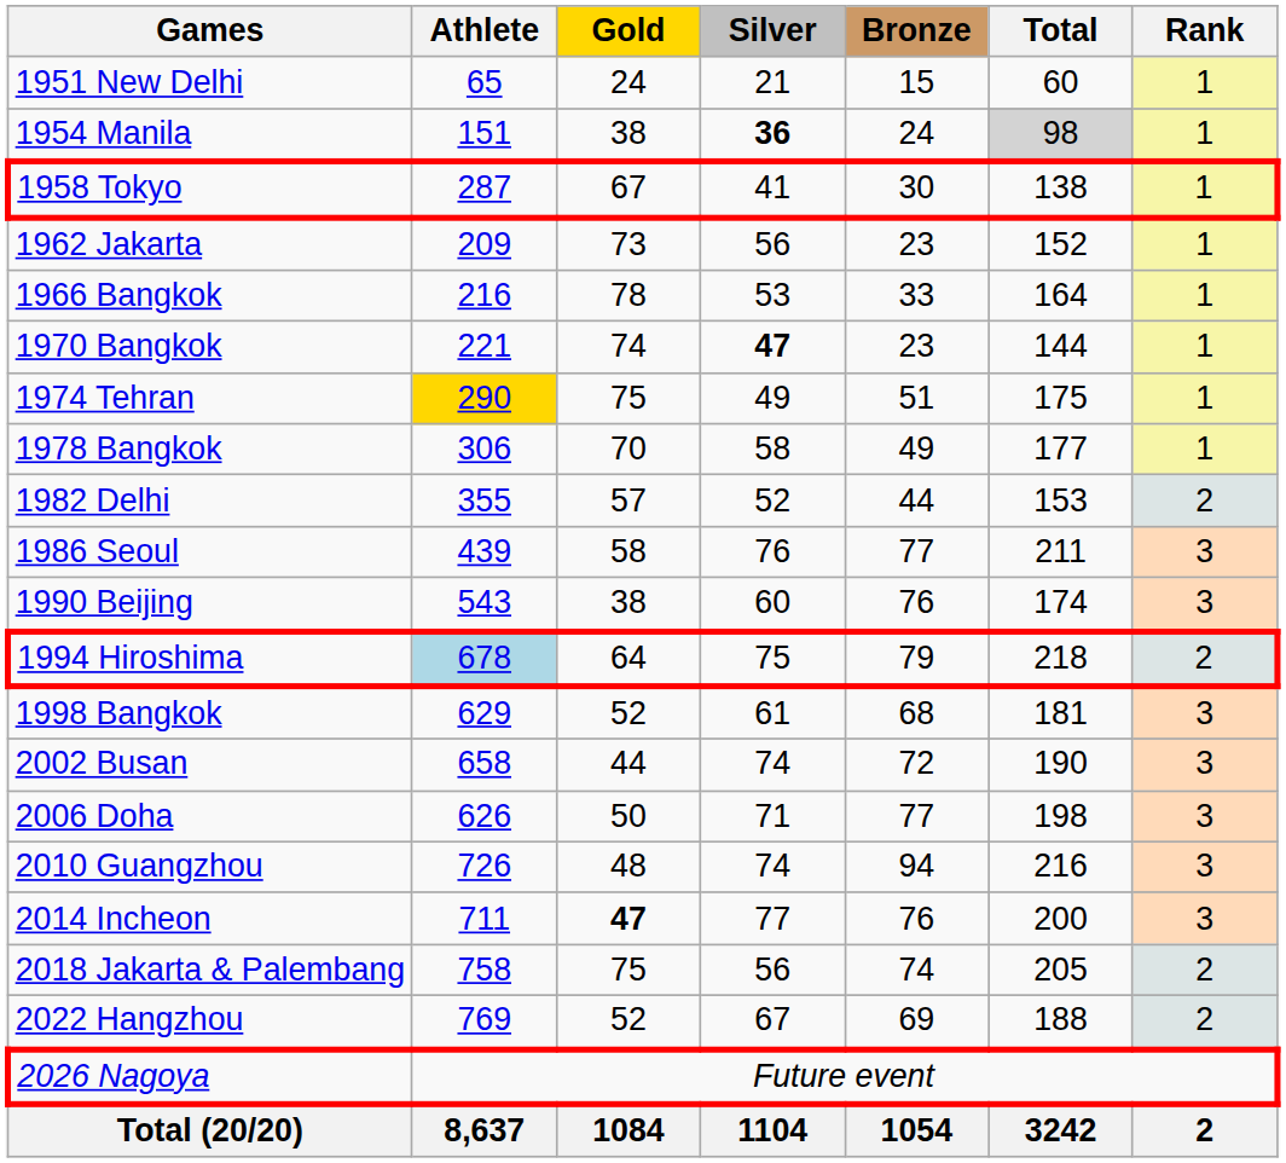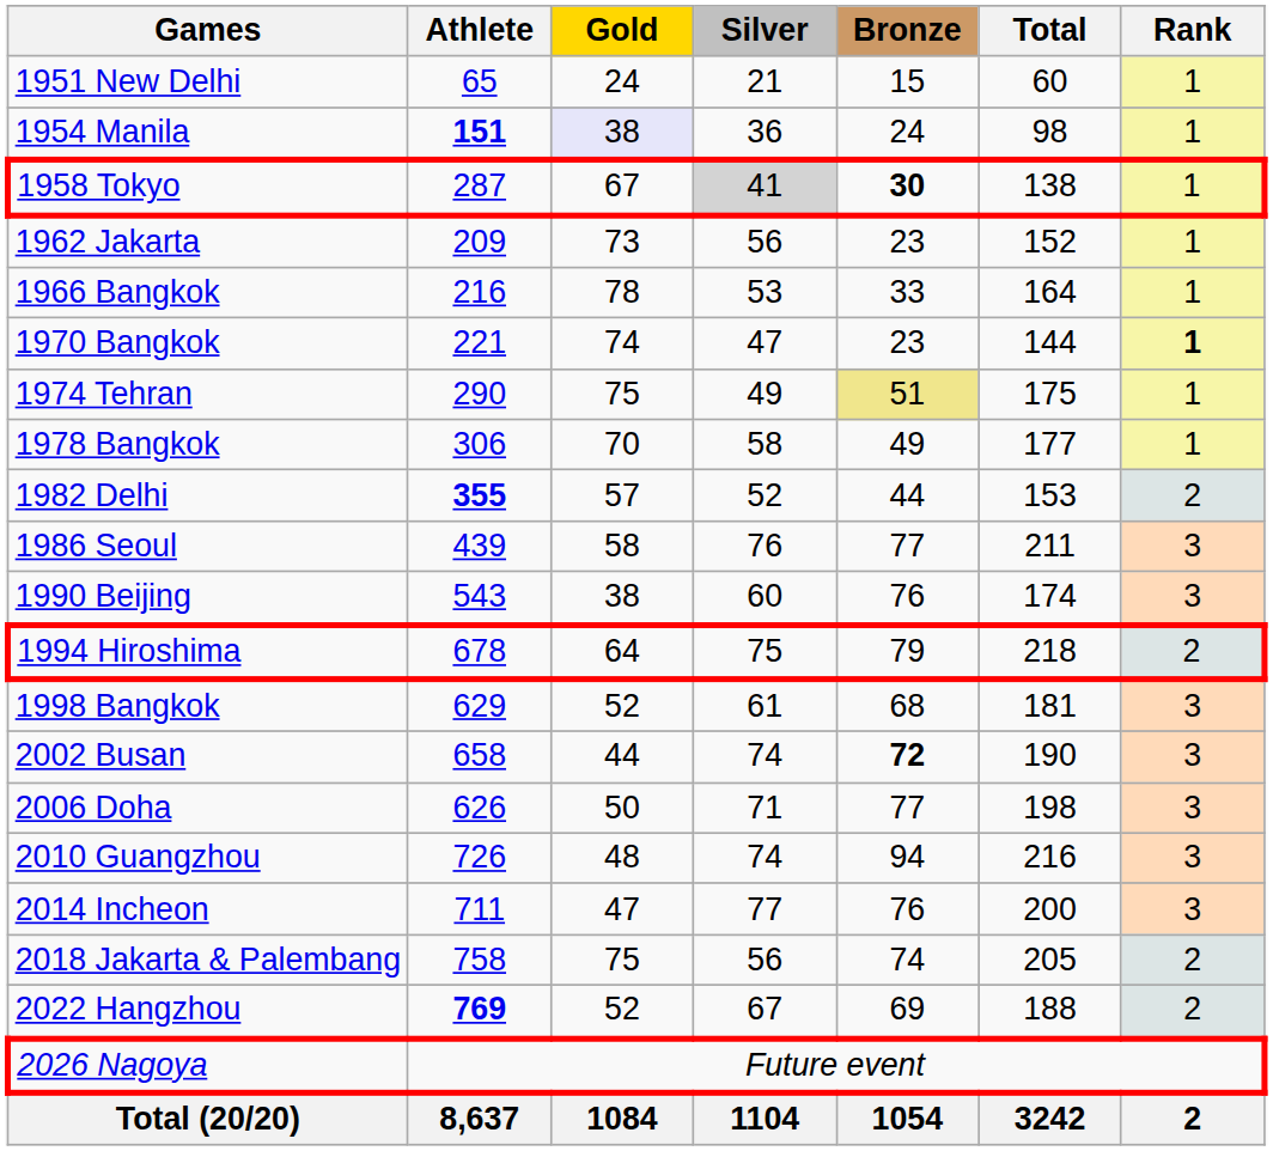 <table class="wikitable sortable" style="margin-top:0em; text-align:center; font-size:100%;">
 <tr>
 <th>Games</th>
 <th style="width:4em;">Athlete</th>
 <th style="background:gold; width:4em;"><strong>Gold</strong></th>
 <th style="background:silver; width:4em;"><strong>Silver</strong></th>
 <th style="background:#cc9966; width:4em;"><strong>Bronze</strong></th>
 <th style="width:4em;">Total</th>
 <th style="width:4em;">Rank</th>
 </tr>
 <tr>
 <td style="text-align:left"> <a href='#'>1951 New Delhi</a></td>
 <td><a href='#'>65</a></td>
 <td>24</td>
 <td>21</td>
 <td>15</td>
 <td>60</td>
 <td bgcolor=f7f6a8>1</td>
 </tr>
 <tr>
 <td style="text-align:left"> <a href='#'>1954 Manila</a></td>
-<td><a href='#'>151</a></td>
-<td>38</td>
-<td><strong>36</strong></td>
+<td><strong><a href='#'>151</a></strong></td>
+<td style="background: lavender;">38</td>
+<td>36</td>
 <td>24</td>
-<td style="background: lightgrey;">98</td>
+<td>98</td>
 <td bgcolor=f7f6a8>1</td>
 </tr>
 <tr style="border: 3px solid red">
 <td style="text-align:left"> <a href='#'>1958 Tokyo</a></td>
 <td><a href='#'>287</a></td>
 <td>67</td>
-<td>41</td>
-<td>30</td>
+<td style="background: lightgrey;">41</td>
+<td><strong>30</strong></td>
 <td>138</td>
 <td bgcolor=f7f6a8>1</td>
 </tr>
 <tr>
 <td style="text-align:left"> <a href='#'>1962 Jakarta</a></td>
 <td><a href='#'>209</a></td>
 <td>73</td>
 <td>56</td>
 <td>23</td>
 <td>152</td>
 <td bgcolor=f7f6a8>1</td>
 </tr>
 <tr>
 <td style="text-align:left"> <a href='#'>1966 Bangkok</a></td>
 <td><a href='#'>216</a></td>
 <td>78</td>
 <td>53</td>
 <td>33</td>
 <td>164</td>
 <td bgcolor=f7f6a8>1</td>
 </tr>
 <tr>
 <td style="text-align:left"> <a href='#'>1970 Bangkok</a></td>
 <td><a href='#'>221</a></td>
 <td>74</td>
-<td><strong>47</strong></td>
+<td>47</td>
 <td>23</td>
 <td>144</td>
-<td bgcolor=f7f6a8>1</td>
+<td bgcolor=f7f6a8><strong>1</strong></td>
 </tr>
 <tr>
 <td style="text-align:left"> <a href='#'>1974 Tehran</a></td>
-<td style="background: gold;"><a href='#'>290</a></td>
+<td><a href='#'>290</a></td>
 <td>75</td>
 <td>49</td>
-<td>51</td>
+<td style="background: khaki;">51</td>
 <td>175</td>
 <td bgcolor=f7f6a8>1</td>
 </tr>
 <tr>
 <td style="text-align:left"> <a href='#'>1978 Bangkok</a></td>
 <td><a href='#'>306</a></td>
 <td>70</td>
 <td>58</td>
 <td>49</td>
 <td>177</td>
 <td bgcolor=f7f6a8>1</td>
 </tr>
 <tr>
 <td style="text-align:left"> <a href='#'>1982 Delhi</a></td>
-<td><a href='#'>355</a></td>
+<td><strong><a href='#'>355</a></strong></td>
 <td>57</td>
 <td>52</td>
 <td>44</td>
 <td>153</td>
 <td bgcolor=dce5e5>2</td>
 </tr>
 <tr>
 <td style="text-align:left"> <a href='#'>1986 Seoul</a></td>
 <td><a href='#'>439</a></td>
 <td>58</td>
 <td>76</td>
 <td>77</td>
 <td>211</td>
 <td bgcolor=ffdab9>3</td>
 </tr>
 <tr>
 <td style="text-align:left"> <a href='#'>1990 Beijing</a></td>
 <td><a href='#'>543</a></td>
 <td>38</td>
 <td>60</td>
 <td>76</td>
 <td>174</td>
 <td bgcolor=ffdab9>3</td>
 </tr>
 <tr style="border: 3px solid red">
 <td style="text-align:left"> <a href='#'>1994 Hiroshima</a></td>
-<td style="background: lightblue;"><a href='#'>678</a></td>
+<td><a href='#'>678</a></td>
 <td>64</td>
 <td>75</td>
 <td>79</td>
 <td>218</td>
 <td bgcolor=dce5e5>2</td>
 </tr>
 <tr>
 <td style="text-align:left"> <a href='#'>1998 Bangkok</a></td>
 <td><a href='#'>629</a></td>
 <td>52</td>
 <td>61</td>
 <td>68</td>
 <td>181</td>
 <td bgcolor=ffdab9>3</td>
 </tr>
 <tr>
 <td style="text-align:left"> <a href='#'>2002 Busan</a></td>
 <td><a href='#'>658</a></td>
 <td>44</td>
 <td>74</td>
-<td>72</td>
+<td><strong>72</strong></td>
 <td>190</td>
 <td bgcolor=ffdab9>3</td>
 </tr>
 <tr>
 <td style="text-align:left"> <a href='#'>2006 Doha</a></td>
 <td><a href='#'>626</a></td>
 <td>50</td>
 <td>71</td>
 <td>77</td>
 <td>198</td>
 <td bgcolor=ffdab9>3</td>
 </tr>
 <tr>
 <td style="text-align:left"> <a href='#'>2010 Guangzhou</a></td>
 <td><a href='#'>726</a></td>
 <td>48</td>
 <td>74</td>
 <td>94</td>
 <td>216</td>
 <td bgcolor=ffdab9>3</td>
 </tr>
 <tr>
 <td style="text-align:left"> <a href='#'>2014 Incheon</a></td>
 <td><a href='#'>711</a></td>
-<td><strong>47</strong></td>
+<td>47</td>
 <td>77</td>
 <td>76</td>
 <td>200</td>
 <td bgcolor=ffdab9>3</td>
 </tr>
 <tr>
 <td align=left> <a href='#'>2018 Jakarta & Palembang</a></td>
 <td><a href='#'>758</a></td>
 <td>75</td>
 <td>56</td>
 <td>74</td>
 <td>205</td>
 <td bgcolor=dce5e5>2</td>
 </tr>
 <tr>
 <td align=left> <a href='#'>2022 Hangzhou</a></td>
-<td><a href='#'>769</a></td>
+<td><strong><a href='#'>769</a></strong></td>
 <td>52</td>
 <td>67</td>
 <td>69</td>
 <td>188</td>
 <td bgcolor=dce5e5>2</td>
 </tr>
 <tr style="border: 3px solid red">
 <td align=left> <em><a href='#'>2026 Nagoya</a></em></td>
 <td colspan=6><em>Future event</em></td>
 </tr>
 <tr>
 <th>Total (20/20)</th>
 <th>8,637</th>
 <th>1084</th>
 <th>1104</th>
 <th>1054</th>
 <th>3242</th>
 <th>2</th>
 </tr>
 </table>
